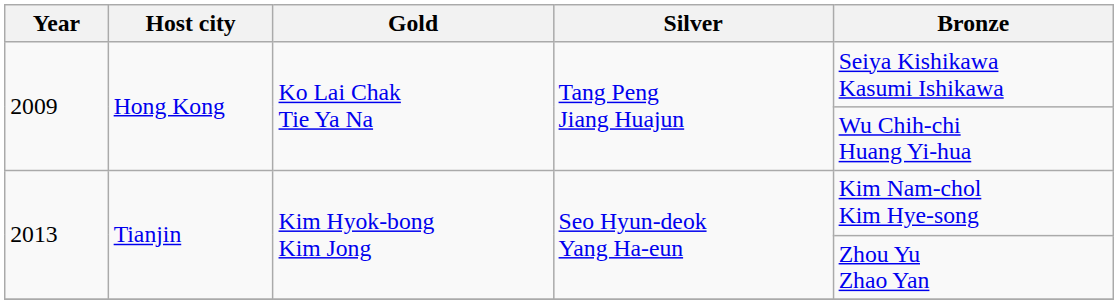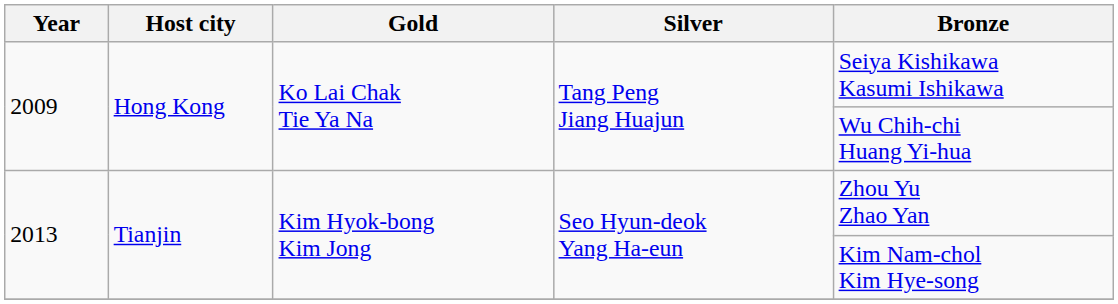 <table class="wikitable" style="text-align: left; width: 750px;">
 <tr>
 <th width="60">Year</th>
 <th width="100">Host city</th>
 <th width="175">Gold</th>
 <th width="175">Silver</th>
 <th width="175">Bronze</th>
 </tr>
 <tr>
 <td rowspan=2>2009</td>
 <td rowspan=2><a href='#'>Hong Kong</a></td>
 <td rowspan=2> <a href='#'>Ko Lai Chak</a><br> <a href='#'>Tie Ya Na</a></td>
 <td rowspan=2> <a href='#'>Tang Peng</a><br> <a href='#'>Jiang Huajun</a></td>
 <td> <a href='#'>Seiya Kishikawa</a><br> <a href='#'>Kasumi Ishikawa</a></td>
 </tr>
 <tr>
 <td> <a href='#'>Wu Chih-chi</a><br> <a href='#'>Huang Yi-hua</a></td>
 </tr>
 <tr>
 <td rowspan=2>2013</td>
 <td rowspan=2><a href='#'>Tianjin</a></td>
 <td rowspan=2> <a href='#'>Kim Hyok-bong</a><br> <a href='#'>Kim Jong</a></td>
 <td rowspan=2> <a href='#'>Seo Hyun-deok</a><br> <a href='#'>Yang Ha-eun</a></td>
-<td> <a href='#'>Kim Nam-chol</a><br> <a href='#'>Kim Hye-song</a></td>
+<td> <a href='#'>Zhou Yu</a><br> <a href='#'>Zhao Yan</a></td>
 </tr>
 <tr>
-<td> <a href='#'>Zhou Yu</a><br> <a href='#'>Zhao Yan</a></td>
+<td> <a href='#'>Kim Nam-chol</a><br> <a href='#'>Kim Hye-song</a></td>
 </tr>
 <tr>
 </tr>
 </table>
